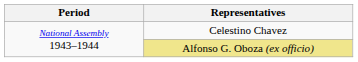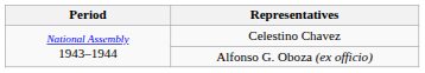 <table class="wikitable" style="text-align:center; width:40%;">
 <tr>
 <th width="40%">Period</th>
 <th>Representatives</th>
 </tr>
 <tr>
 <td rowspan="2"><small><a href='#'><em>National Assembly</em></a></small><br>1943–1944</td>
 <td>Celestino Chavez</td>
 </tr>
 <tr>
-<td style="background: khaki;">Alfonso G. Oboza <em>(ex officio)</em></td>
+<td>Alfonso G. Oboza <em>(ex officio)</em></td>
 </tr>
 </table>
